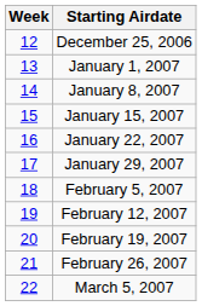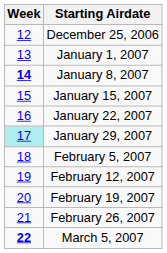 <table class="wikitable" style="text-align: center">
 <tr>
 <th>Week</th>
 <th>Starting Airdate</th>
 </tr>
 <tr>
 <td><a href='#'>12</a></td>
 <td>December 25, 2006</td>
 </tr>
 <tr>
 <td><a href='#'>13</a></td>
 <td>January 1, 2007</td>
 </tr>
 <tr>
-<td><a href='#'>14</a></td>
+<td><strong><a href='#'>14</a></strong></td>
 <td>January 8, 2007</td>
 </tr>
 <tr>
 <td><a href='#'>15</a></td>
 <td>January 15, 2007</td>
 </tr>
 <tr>
 <td><a href='#'>16</a></td>
 <td>January 22, 2007</td>
 </tr>
 <tr>
-<td><a href='#'>17</a></td>
+<td style="background: paleturquoise;"><a href='#'>17</a></td>
 <td>January 29, 2007</td>
 </tr>
 <tr>
 <td><a href='#'>18</a></td>
 <td>February 5, 2007</td>
 </tr>
 <tr>
 <td><a href='#'>19</a></td>
 <td>February 12, 2007</td>
 </tr>
 <tr>
 <td><a href='#'>20</a></td>
 <td>February 19, 2007</td>
 </tr>
 <tr>
 <td><a href='#'>21</a></td>
 <td>February 26, 2007</td>
 </tr>
 <tr>
-<td><a href='#'>22</a></td>
+<td><strong><a href='#'>22</a></strong></td>
 <td>March 5, 2007</td>
 </tr>
 </table>
